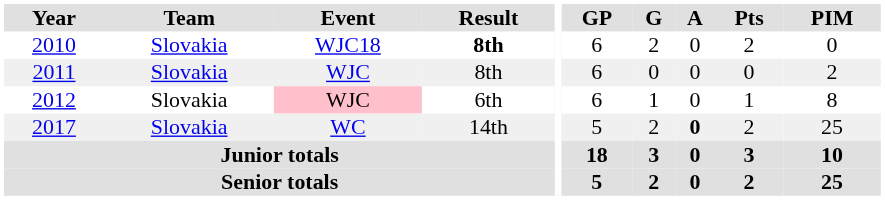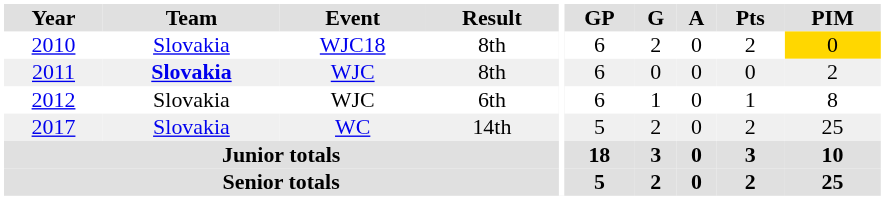 <table border="0" cellpadding="1" cellspacing="0" ID="Table3" style="text-align:center; width:40em">
 <tr ALIGN="center" bgcolor="#e0e0e0">
 <th>Year</th>
 <th>Team</th>
 <th>Event</th>
 <th>Result</th>
 <th rowspan="99" bgcolor="#ffffff"></th>
 <th>GP</th>
 <th>G</th>
 <th>A</th>
 <th>Pts</th>
 <th>PIM</th>
 </tr>
 <tr>
 <td><a href='#'>2010</a></td>
 <td><a href='#'>Slovakia</a></td>
 <td><a href='#'>WJC18</a></td>
-<td><strong>8th</strong></td>
+<td>8th</td>
 <td>6</td>
 <td>2</td>
 <td>0</td>
 <td>2</td>
-<td>0</td>
+<td style="background: gold;">0</td>
 </tr>
 <tr bgcolor="#f0f0f0">
 <td><a href='#'>2011</a></td>
-<td><a href='#'>Slovakia</a></td>
+<td><strong><a href='#'>Slovakia</a></strong></td>
 <td><a href='#'>WJC</a></td>
 <td>8th</td>
 <td>6</td>
 <td>0</td>
 <td>0</td>
 <td>0</td>
 <td>2</td>
 </tr>
 <tr>
 <td><a href='#'>2012</a></td>
 <td>Slovakia</td>
-<td style="background: pink;">WJC</td>
+<td>WJC</td>
 <td>6th</td>
 <td>6</td>
 <td>1</td>
 <td>0</td>
 <td>1</td>
 <td>8</td>
 </tr>
 <tr bgcolor="#f0f0f0">
 <td><a href='#'>2017</a></td>
 <td><a href='#'>Slovakia</a></td>
 <td><a href='#'>WC</a></td>
 <td>14th</td>
 <td>5</td>
 <td>2</td>
-<td><strong>0</strong></td>
+<td>0</td>
 <td>2</td>
 <td>25</td>
 </tr>
 <tr bgcolor="#e0e0e0">
 <th colspan="4">Junior totals</th>
 <th>18</th>
 <th>3</th>
 <th>0</th>
 <th>3</th>
 <th>10</th>
 </tr>
 <tr bgcolor="#e0e0e0">
 <th colspan=4>Senior totals</th>
 <th>5</th>
 <th>2</th>
 <th>0</th>
 <th>2</th>
 <th>25</th>
 </tr>
 </table>
